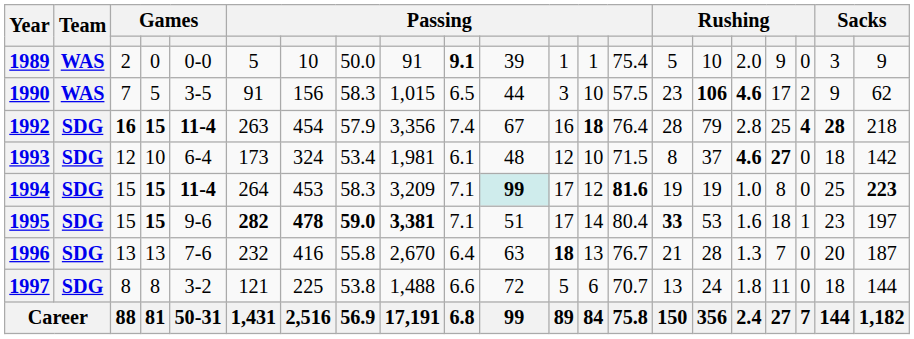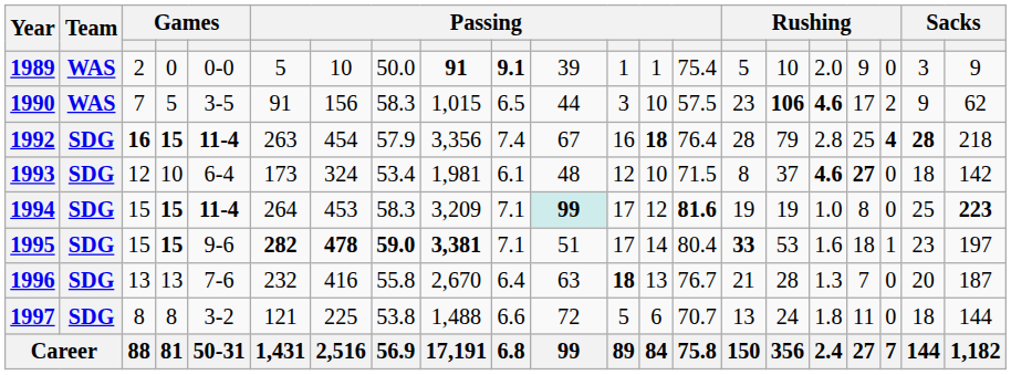 <table class="wikitable" style="text-align:center;">
 <tr>
 <th rowspan="2">Year</th>
 <th rowspan="2">Team</th>
 <th colspan="3">Games</th>
 <th colspan="9">Passing</th>
 <th colspan="5">Rushing</th>
 <th colspan="2">Sacks</th>
 </tr>
 <tr>
 <th></th>
 <th></th>
 <th></th>
 <th></th>
 <th></th>
 <th></th>
 <th></th>
 <th></th>
 <th></th>
 <th></th>
 <th></th>
 <th></th>
 <th></th>
 <th></th>
 <th></th>
 <th></th>
 <th></th>
 <th></th>
 <th></th>
 </tr>
 <tr>
 <th><a href='#'>1989</a></th>
 <th><a href='#'>WAS</a></th>
 <td>2</td>
 <td>0</td>
 <td>0-0</td>
 <td>5</td>
 <td>10</td>
 <td>50.0</td>
-<td>91</td>
+<td><strong>91</strong></td>
 <td><strong>9.1</strong></td>
 <td>39</td>
 <td>1</td>
 <td>1</td>
 <td>75.4</td>
 <td>5</td>
 <td>10</td>
 <td>2.0</td>
 <td>9</td>
 <td>0</td>
 <td>3</td>
 <td>9</td>
 </tr>
 <tr>
 <th><a href='#'>1990</a></th>
 <th><a href='#'>WAS</a></th>
 <td>7</td>
 <td>5</td>
 <td>3-5</td>
 <td>91</td>
 <td>156</td>
 <td>58.3</td>
 <td>1,015</td>
 <td>6.5</td>
 <td>44</td>
 <td>3</td>
 <td>10</td>
 <td>57.5</td>
 <td>23</td>
 <td><strong>106</strong></td>
 <td><strong>4.6</strong></td>
 <td>17</td>
 <td>2</td>
 <td>9</td>
 <td>62</td>
 </tr>
 <tr>
 <th><a href='#'>1992</a></th>
 <th><a href='#'>SDG</a></th>
 <td><strong>16</strong></td>
 <td><strong>15</strong></td>
 <td><strong>11-4</strong></td>
 <td>263</td>
 <td>454</td>
 <td>57.9</td>
 <td>3,356</td>
 <td>7.4</td>
 <td>67</td>
 <td>16</td>
 <td><strong>18</strong></td>
 <td>76.4</td>
 <td>28</td>
 <td>79</td>
 <td>2.8</td>
 <td>25</td>
 <td><strong>4</strong></td>
 <td><strong>28</strong></td>
 <td>218</td>
 </tr>
 <tr>
 <th><a href='#'>1993</a></th>
 <th><a href='#'>SDG</a></th>
 <td>12</td>
 <td>10</td>
 <td>6-4</td>
 <td>173</td>
 <td>324</td>
 <td>53.4</td>
 <td>1,981</td>
 <td>6.1</td>
 <td>48</td>
 <td>12</td>
 <td>10</td>
 <td>71.5</td>
 <td>8</td>
 <td>37</td>
 <td><strong>4.6</strong></td>
 <td><strong>27</strong></td>
 <td>0</td>
 <td>18</td>
 <td>142</td>
 </tr>
 <tr>
 <th><a href='#'>1994</a></th>
 <th><a href='#'>SDG</a></th>
 <td>15</td>
 <td><strong>15</strong></td>
 <td><strong>11-4</strong></td>
 <td>264</td>
 <td>453</td>
 <td>58.3</td>
 <td>3,209</td>
 <td>7.1</td>
 <td style="background:#cfecec; width:3em;"><strong>99</strong></td>
 <td>17</td>
 <td>12</td>
 <td><strong>81.6</strong></td>
 <td>19</td>
 <td>19</td>
 <td>1.0</td>
 <td>8</td>
 <td>0</td>
 <td>25</td>
 <td><strong>223</strong></td>
 </tr>
 <tr>
 <th><a href='#'>1995</a></th>
 <th><a href='#'>SDG</a></th>
 <td>15</td>
 <td><strong>15</strong></td>
 <td>9-6</td>
 <td><strong>282</strong></td>
 <td><strong>478</strong></td>
 <td><strong>59.0</strong></td>
 <td><strong>3,381</strong></td>
 <td>7.1</td>
 <td>51</td>
 <td>17</td>
 <td>14</td>
 <td>80.4</td>
 <td><strong>33</strong></td>
 <td>53</td>
 <td>1.6</td>
 <td>18</td>
 <td>1</td>
 <td>23</td>
 <td>197</td>
 </tr>
 <tr>
 <th><a href='#'>1996</a></th>
 <th><a href='#'>SDG</a></th>
 <td>13</td>
 <td>13</td>
 <td>7-6</td>
 <td>232</td>
 <td>416</td>
 <td>55.8</td>
 <td>2,670</td>
 <td>6.4</td>
 <td>63</td>
 <td><strong>18</strong></td>
 <td>13</td>
 <td>76.7</td>
 <td>21</td>
 <td>28</td>
 <td>1.3</td>
 <td>7</td>
 <td>0</td>
 <td>20</td>
 <td>187</td>
 </tr>
 <tr>
 <th><a href='#'>1997</a></th>
 <th><a href='#'>SDG</a></th>
 <td>8</td>
 <td>8</td>
 <td>3-2</td>
 <td>121</td>
 <td>225</td>
 <td>53.8</td>
 <td>1,488</td>
 <td>6.6</td>
 <td>72</td>
 <td>5</td>
 <td>6</td>
 <td>70.7</td>
 <td>13</td>
 <td>24</td>
 <td>1.8</td>
 <td>11</td>
 <td>0</td>
 <td>18</td>
 <td>144</td>
 </tr>
 <tr>
 <th colspan="2">Career</th>
 <th>88</th>
 <th>81</th>
 <th>50-31</th>
 <th>1,431</th>
 <th>2,516</th>
 <th>56.9</th>
 <th>17,191</th>
 <th>6.8</th>
 <th>99</th>
 <th>89</th>
 <th>84</th>
 <th>75.8</th>
 <th>150</th>
 <th>356</th>
 <th>2.4</th>
 <th>27</th>
 <th>7</th>
 <th>144</th>
 <th>1,182</th>
 </tr>
 </table>
